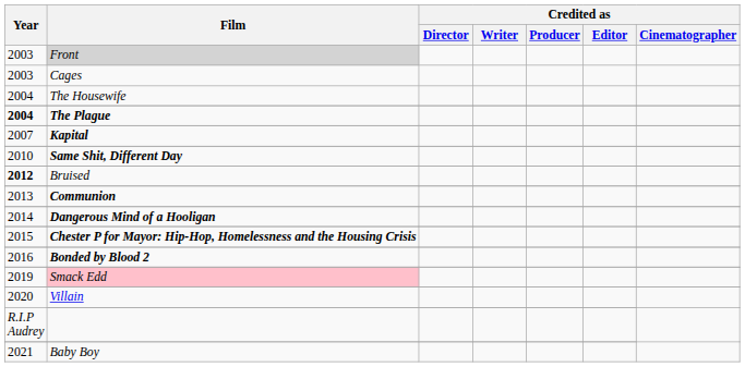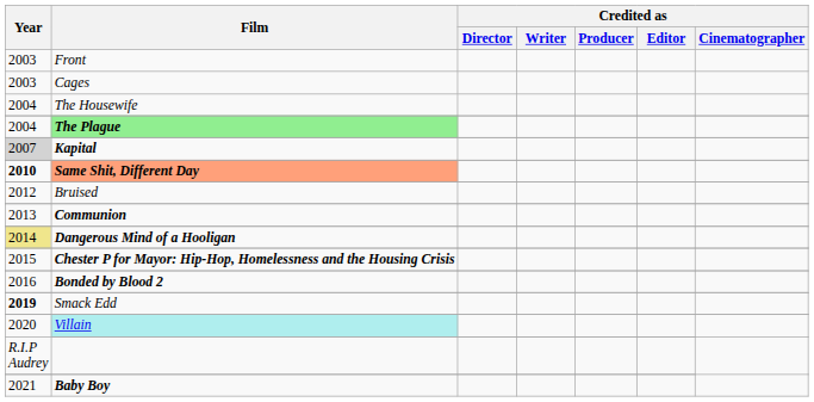 <table class="wikitable">
 <tr>
 <th rowspan="2" width="33">Year</th>
 <th rowspan="2">Film</th>
 <th colspan="7">Credited as</th>
 </tr>
 <tr>
 <th width=60><a href='#'>Director</a></th>
 <th width=60><a href='#'>Writer</a></th>
 <th width=60><a href='#'>Producer</a></th>
 <th width=60><a href='#'>Editor</a></th>
 <th width=60><a href='#'>Cinematographer</a></th>
 </tr>
 <tr>
 <td>2003</td>
-<td style="background: lightgrey;"><em>Front</em></td>
+<td><em>Front</em></td>
 <td></td>
 <td></td>
 <td></td>
 <td></td>
 <td></td>
 </tr>
 <tr>
 <td>2003</td>
 <td><em>Cages</em></td>
 <td></td>
 <td></td>
 <td></td>
 <td></td>
 <td></td>
 </tr>
 <tr>
 <td>2004</td>
 <td><em>The Housewife</em></td>
 <td></td>
 <td></td>
 <td></td>
 <td></td>
 <td></td>
 </tr>
 <tr>
 </tr>
 <tr>
-<td><strong>2004</strong></td>
-<td><strong><em>The Plague</em></strong> </td>
+<td>2004</td>
+<td style="background: lightgreen;"><strong><em>The Plague</em></strong> </td>
 <td></td>
 <td></td>
 <td></td>
 <td></td>
 <td></td>
 </tr>
 <tr>
 </tr>
 <tr>
-<td>2007</td>
+<td style="background: lightgrey;">2007</td>
 <td><strong><em>Kapital</em></strong> </td>
 <td></td>
 <td></td>
 <td></td>
 <td></td>
 <td></td>
 </tr>
 <tr>
 </tr>
 <tr>
-<td>2010</td>
-<td><strong><em>Same Shit, Different Day</em></strong> </td>
+<td><strong>2010</strong></td>
+<td style="background: lightsalmon;"><strong><em>Same Shit, Different Day</em></strong> </td>
 <td></td>
 <td></td>
 <td></td>
 <td></td>
 <td></td>
 </tr>
 <tr>
 </tr>
 <tr>
-<td><strong>2012</strong></td>
+<td>2012</td>
 <td><em>Bruised</em></td>
 <td></td>
 <td></td>
 <td></td>
 <td></td>
 <td></td>
 </tr>
 <tr>
 </tr>
 <tr>
 <td>2013</td>
 <td><strong><em>Communion</em></strong> </td>
 <td></td>
 <td></td>
 <td></td>
 <td></td>
 <td></td>
 </tr>
 <tr>
 </tr>
 <tr>
-<td>2014</td>
+<td style="background: khaki;">2014</td>
 <td><strong><em>Dangerous Mind of a Hooligan</em></strong> </td>
 <td></td>
 <td></td>
 <td></td>
 <td></td>
 <td></td>
 </tr>
 <tr>
 </tr>
 <tr>
 <td>2015</td>
 <td><strong><em>Chester P for Mayor: Hip-Hop, Homelessness and the Housing Crisis</em></strong></td>
 <td></td>
 <td></td>
 <td></td>
 <td></td>
 <td></td>
 </tr>
 <tr>
 </tr>
 <tr>
 <td>2016</td>
 <td><strong><em>Bonded by Blood 2</em></strong></td>
 <td></td>
 <td></td>
 <td></td>
 <td></td>
 <td></td>
 </tr>
 <tr>
 </tr>
 <tr>
-<td>2019</td>
-<td style="background: pink;"><em>Smack Edd</em></td>
+<td><strong>2019</strong></td>
+<td><em>Smack Edd</em></td>
 <td></td>
 <td></td>
 <td></td>
 <td></td>
 <td></td>
 </tr>
 <tr>
 </tr>
 <tr>
 <td rowspan="2">2020</td>
-<td><em><a href='#'>Villain</a></em></td>
+<td style="background: paleturquoise;"><em><a href='#'>Villain</a></em></td>
 <td></td>
 <td></td>
 <td></td>
 <td></td>
 <td></td>
 </tr>
 <tr>
 </tr>
 <tr>
 <td><em>R.I.P Audrey</em></td>
 <td></td>
 <td></td>
 <td></td>
 <td></td>
 <td></td>
 </tr>
 <tr>
 </tr>
 <tr>
 <td>2021</td>
-<td><em>Baby Boy</em></td>
+<td><strong><em>Baby Boy</em></strong></td>
 <td></td>
 <td></td>
 <td></td>
 <td></td>
 <td></td>
 </tr>
 </table>
